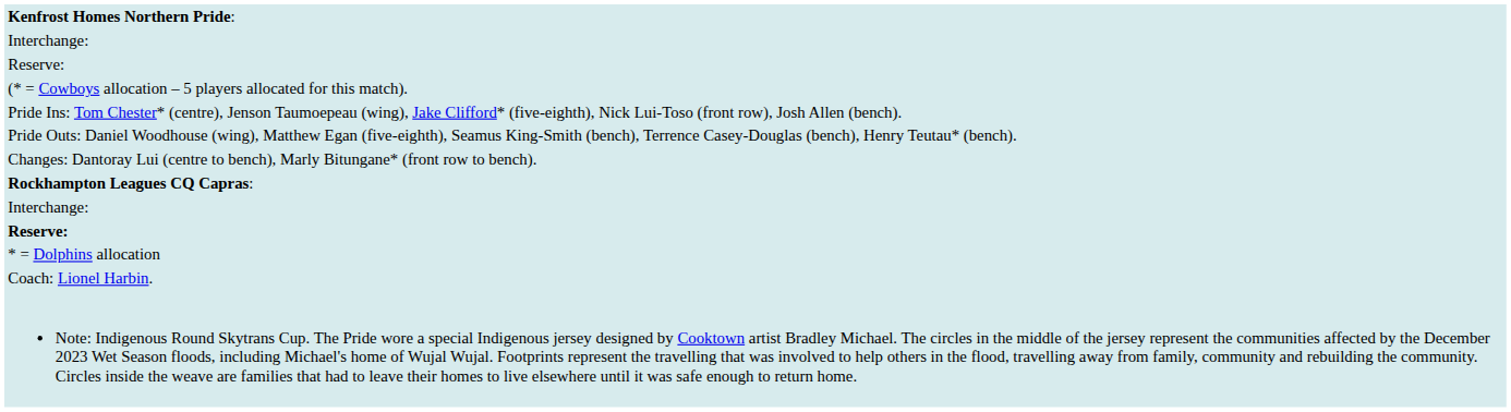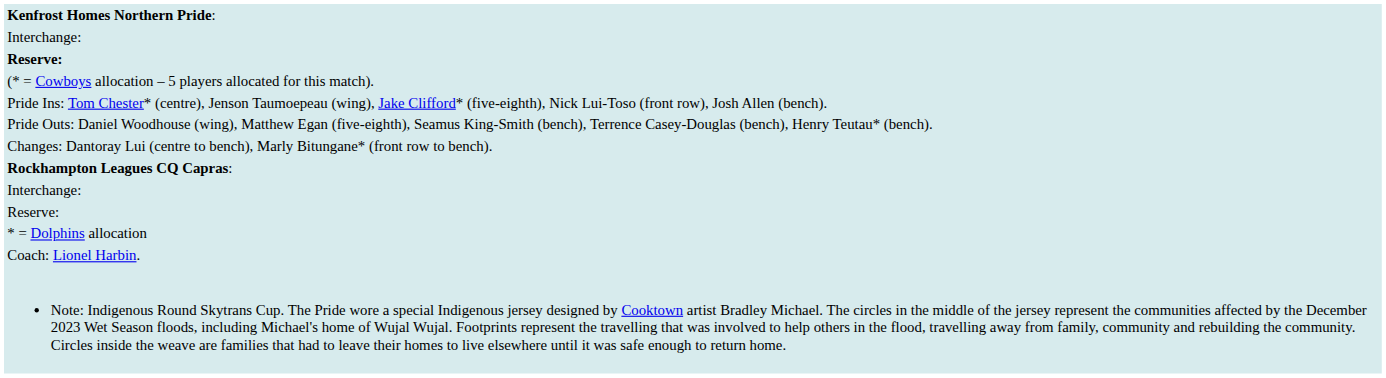 <table style="background:#d7ebed; font-size:85%; width:100%;">
 <tr>
 <td><strong>Kenfrost Homes Northern Pride</strong>:             </td>
 </tr>
 <tr>
 <td>Interchange:    </td>
 </tr>
 <tr>
-<td>Reserve: </td>
+<td><strong>Reserve: </strong></td>
 </tr>
 <tr>
 <td>(* = <a href='#'>Cowboys</a> allocation – 5 players allocated for this match).</td>
 </tr>
 <tr>
 <td>Pride Ins: <a href='#'>Tom Chester</a>* (centre), Jenson Taumoepeau (wing), <a href='#'>Jake Clifford</a>* (five-eighth), Nick Lui-Toso (front row), Josh Allen (bench).</td>
 </tr>
 <tr>
 <td>Pride Outs: Daniel Woodhouse (wing), Matthew Egan (five-eighth), Seamus King-Smith (bench), Terrence Casey-Douglas (bench), Henry Teutau* (bench).</td>
 </tr>
 <tr>
 <td>Changes: Dantoray Lui (centre to bench), Marly Bitungane* (front row to bench).</td>
 </tr>
 <tr>
 <td><strong>Rockhampton Leagues CQ Capras</strong>:             </td>
 </tr>
 <tr>
 <td>Interchange:    </td>
 </tr>
 <tr>
-<td><strong>Reserve: </strong></td>
+<td>Reserve: </td>
 </tr>
 <tr>
 <td>* = <a href='#'>Dolphins</a> allocation</td>
 </tr>
 <tr>
 <td>Coach: <a href='#'>Lionel Harbin</a>.</td>
 </tr>
 <tr>
 <td><br><ul><li>Note: Indigenous Round Skytrans Cup. The Pride wore a special Indigenous jersey designed by <a href='#'>Cooktown</a> artist Bradley Michael. The circles in the middle of the jersey represent the communities affected by the December 2023 Wet Season floods, including Michael's home of Wujal Wujal. Footprints represent the travelling that was involved to help others in the flood, travelling away from family, community and rebuilding the community. Circles inside the weave are families that had to leave their homes to live elsewhere until it was safe enough to return home.</li></ul></td>
 </tr>
 <tr>
 </tr>
 </table>
